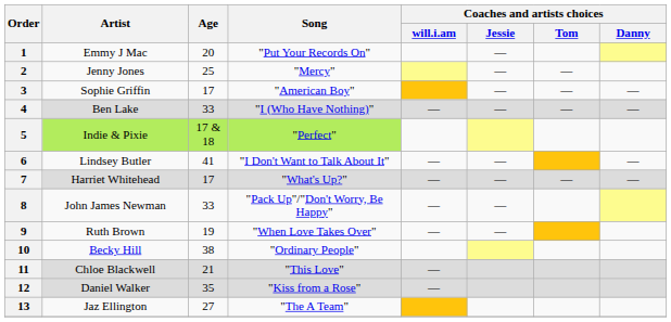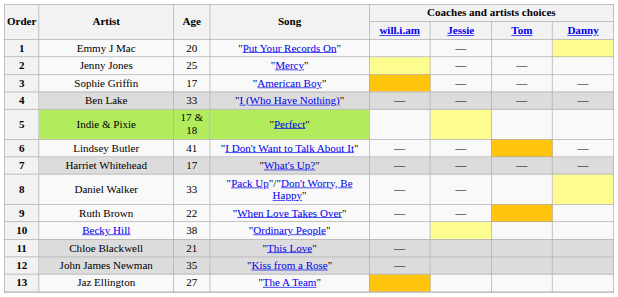 <table class="wikitable" style="text-align:center; width:100%;">
 <tr>
 <th scope="col" rowspan="2" width="05%">Order</th>
 <th scope="col" rowspan="2" width="22%">Artist</th>
 <th scope="col" rowspan="2" width="06%">Age</th>
 <th scope="col" rowspan="2" width="26%">Song</th>
 <th colspan="4" width="40%">Coaches and artists choices</th>
 </tr>
 <tr>
 <th width="10%"><a href='#'>will.i.am</a></th>
 <th width="10%"><a href='#'>Jessie</a></th>
 <th width="10%"><a href='#'>Tom</a></th>
 <th width="10%"><a href='#'>Danny</a></th>
 </tr>
 <tr>
 <th scope="col">1</th>
 <td>Emmy J Mac</td>
 <td>20</td>
 <td>"<a href='#'>Put Your Records On</a>"</td>
 <td><strong></strong></td>
 <td>—</td>
 <td><strong></strong></td>
 <td style="background:#fdfc8f;text-align:center;"><strong></strong></td>
 </tr>
 <tr>
 <th scope="col">2</th>
 <td>Jenny Jones</td>
 <td>25</td>
 <td>"<a href='#'>Mercy</a>"</td>
 <td style="background:#fdfc8f;text-align:center;"><strong></strong></td>
 <td>—</td>
 <td>—</td>
 <td><strong></strong></td>
 </tr>
 <tr>
 <th scope="col">3</th>
 <td>Sophie Griffin</td>
 <td>17</td>
 <td>"<a href='#'>American Boy</a>"</td>
 <td style="background:#FFC40C;text-align:center;"><strong></strong></td>
 <td>—</td>
 <td>—</td>
 <td>—</td>
 </tr>
 <tr style="background:#DCDCDC">
 <th scope="col">4</th>
 <td>Ben Lake</td>
 <td>33</td>
 <td>"<a href='#'>I (Who Have Nothing)</a>"</td>
 <td>—</td>
 <td>—</td>
 <td>—</td>
 <td>—</td>
 </tr>
 <tr>
 <th scope="col">5</th>
 <td style="background-color:#B2EC5D;">Indie & Pixie</td>
 <td style="background-color:#B2EC5D;">17 & 18</td>
 <td style="background-color:#B2EC5D;">"<a href='#'>Perfect</a>"</td>
 <td><strong></strong></td>
 <td style="background:#fdfc8f;text-align:center;"><strong></strong></td>
 <td><strong></strong></td>
 <td><strong></strong></td>
 </tr>
 <tr>
 <th scope="col">6</th>
 <td>Lindsey Butler</td>
 <td>41</td>
 <td>"<a href='#'>I Don't Want to Talk About It</a>"</td>
 <td>—</td>
 <td>—</td>
 <td style="background:#FFC40C;text-align:center;"><strong></strong></td>
 <td>—</td>
 </tr>
 <tr style="background:#DCDCDC">
 <th scope="col">7</th>
 <td>Harriet Whitehead</td>
 <td>17</td>
 <td>"<a href='#'>What's Up?</a>"</td>
 <td>—</td>
 <td>—</td>
 <td>—</td>
 <td>—</td>
 </tr>
 <tr>
 <th scope="col">8</th>
-<td>John James Newman</td>
+<td>Daniel Walker</td>
 <td>33</td>
 <td>"<a href='#'>Pack Up</a>"/"<a href='#'>Don't Worry, Be Happy</a>"</td>
 <td>—</td>
 <td>—</td>
 <td><strong></strong></td>
 <td style="background:#fdfc8f;text-align:center;"><strong></strong></td>
 </tr>
 <tr>
 <th scope="col">9</th>
 <td>Ruth Brown</td>
-<td>19</td>
+<td>22</td>
 <td>"<a href='#'>When Love Takes Over</a>"</td>
 <td>—</td>
 <td>—</td>
 <td style="background:#FFC40C;text-align:center;"><strong></strong></td>
 <td></td>
 </tr>
 <tr>
 <th scope="col">10</th>
 <td><a href='#'>Becky Hill</a></td>
 <td>38</td>
 <td>"<a href='#'>Ordinary People</a>"</td>
 <td><strong></strong></td>
 <td style="background:#fdfc8f;text-align:center;"><strong></strong></td>
 <td></td>
 <td></td>
 </tr>
 <tr style="background:#DCDCDC">
 <th scope="col">11</th>
 <td>Chloe Blackwell</td>
 <td>21</td>
 <td>"<a href='#'>This Love</a>"</td>
 <td>—</td>
 <td></td>
 <td></td>
 <td></td>
 </tr>
 <tr style="background:#DCDCDC">
 <th scope="col">12</th>
-<td>Daniel Walker</td>
+<td>John James Newman</td>
 <td>35</td>
 <td>"<a href='#'>Kiss from a Rose</a>"</td>
 <td>—</td>
 <td></td>
 <td></td>
 <td></td>
 </tr>
 <tr>
 <th scope=col>13</th>
 <td>Jaz Ellington</td>
 <td>27</td>
 <td>"<a href='#'>The A Team</a>"</td>
 <td style="background:#FFC40C;text-align:center;"><strong></strong></td>
 <td></td>
 <td></td>
 <td></td>
 </tr>
 <tr>
 </tr>
 </table>
